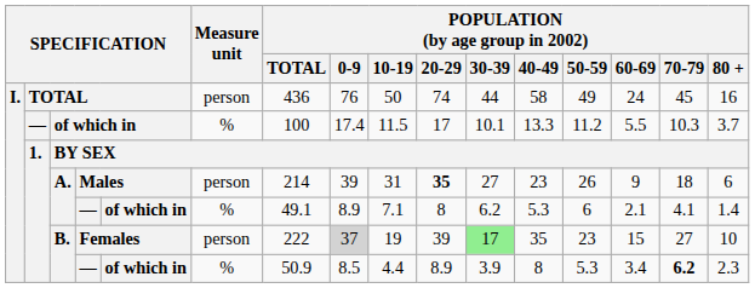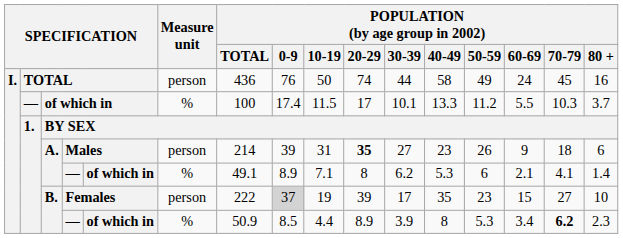 <table class="wikitable" style="font-size:85%; text-align:center">
 <tr>
 <th rowspan="2" colspan="5">SPECIFICATION</th>
 <th rowspan="2">Measure<br> unit</th>
 <th colspan="10" rowspan="1">POPULATION<br> (by age group in 2002)</th>
 </tr>
 <tr>
 <th>TOTAL</th>
 <th>0-9</th>
 <th>10-19</th>
 <th>20-29</th>
 <th>30-39</th>
 <th>40-49</th>
 <th>50-59</th>
 <th>60-69</th>
 <th>70-79</th>
 <th>80 +</th>
 </tr>
 <tr>
 <th style="text-align:left" valign="top" rowspan="7">I.</th>
 <th style="text-align:left" colspan="4">TOTAL</th>
 <td>person</td>
 <td>436</td>
 <td>76</td>
 <td>50</td>
 <td>74</td>
 <td>44</td>
 <td>58</td>
 <td>49</td>
 <td>24</td>
 <td>45</td>
 <td>16</td>
 </tr>
 <tr>
 <th style="text-align:left" valign="top">—</th>
 <th style="text-align:left" colspan="3">of which in</th>
 <td>%</td>
 <td>100</td>
 <td>17.4</td>
 <td>11.5</td>
 <td>17</td>
 <td>10.1</td>
 <td>13.3</td>
 <td>11.2</td>
 <td>5.5</td>
 <td>10.3</td>
 <td>3.7</td>
 </tr>
 <tr>
 <th style="text-align:left" valign="top" rowspan="5">1.</th>
 <th style="text-align:left" colspan="14">BY SEX</th>
 </tr>
 <tr>
 <th style="text-align:left" valign="top" rowspan="2">A.</th>
 <th style="text-align:left" colspan="2">Males</th>
 <td>person</td>
 <td>214</td>
 <td>39</td>
 <td>31</td>
 <td><strong>35</strong></td>
 <td>27</td>
 <td>23</td>
 <td>26</td>
 <td>9</td>
 <td>18</td>
 <td>6</td>
 </tr>
 <tr>
 <th style="text-align:left" valign="top">—</th>
 <th style="text-align:left" colspan="1">of which in</th>
 <td>%</td>
 <td>49.1</td>
 <td>8.9</td>
 <td>7.1</td>
 <td>8</td>
 <td>6.2</td>
 <td>5.3</td>
 <td>6</td>
 <td>2.1</td>
 <td>4.1</td>
 <td>1.4</td>
 </tr>
 <tr>
 <th style="text-align:left" valign="top" rowspan="2">B.</th>
 <th style="text-align:left" colspan="2">Females</th>
 <td>person</td>
 <td>222</td>
 <td style="background: lightgrey;">37</td>
 <td>19</td>
 <td>39</td>
-<td style="background: lightgreen;">17</td>
+<td>17</td>
 <td>35</td>
 <td>23</td>
 <td>15</td>
 <td>27</td>
 <td>10</td>
 </tr>
 <tr>
 <th style="text-align:left" valign="top">—</th>
 <th style="text-align:left" colspan="1">of which in</th>
 <td>%</td>
 <td>50.9</td>
 <td>8.5</td>
 <td>4.4</td>
 <td>8.9</td>
 <td>3.9</td>
 <td>8</td>
 <td>5.3</td>
 <td>3.4</td>
 <td><strong>6.2</strong></td>
 <td>2.3</td>
 </tr>
 </table>
